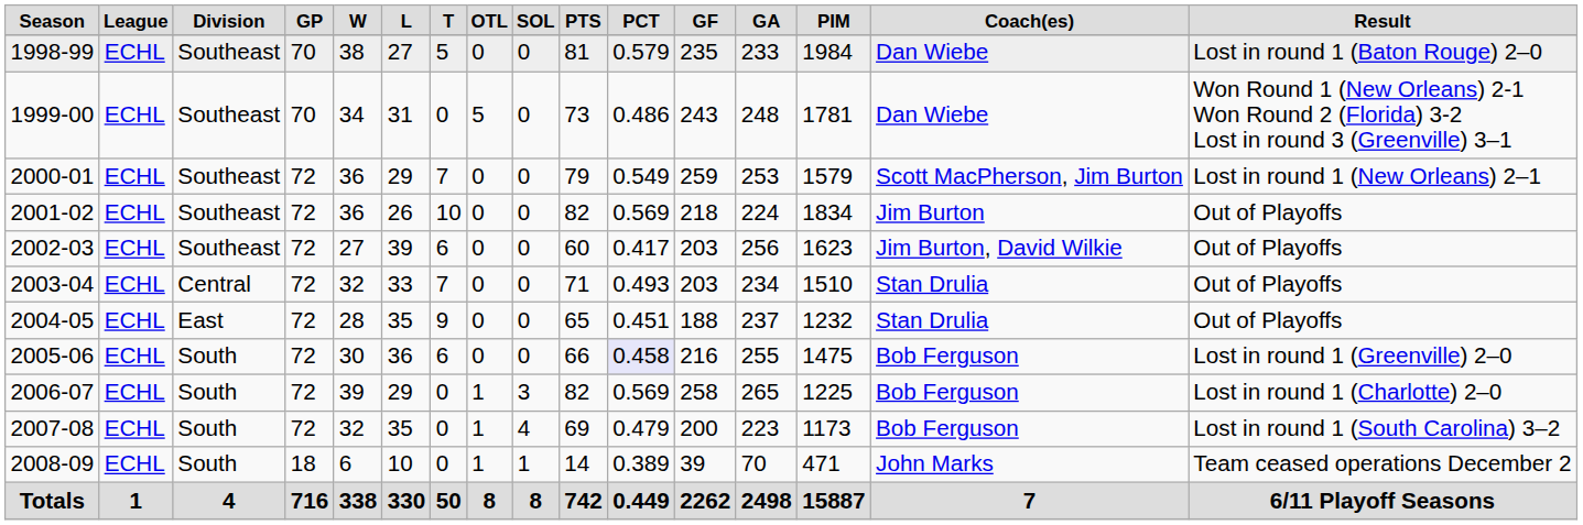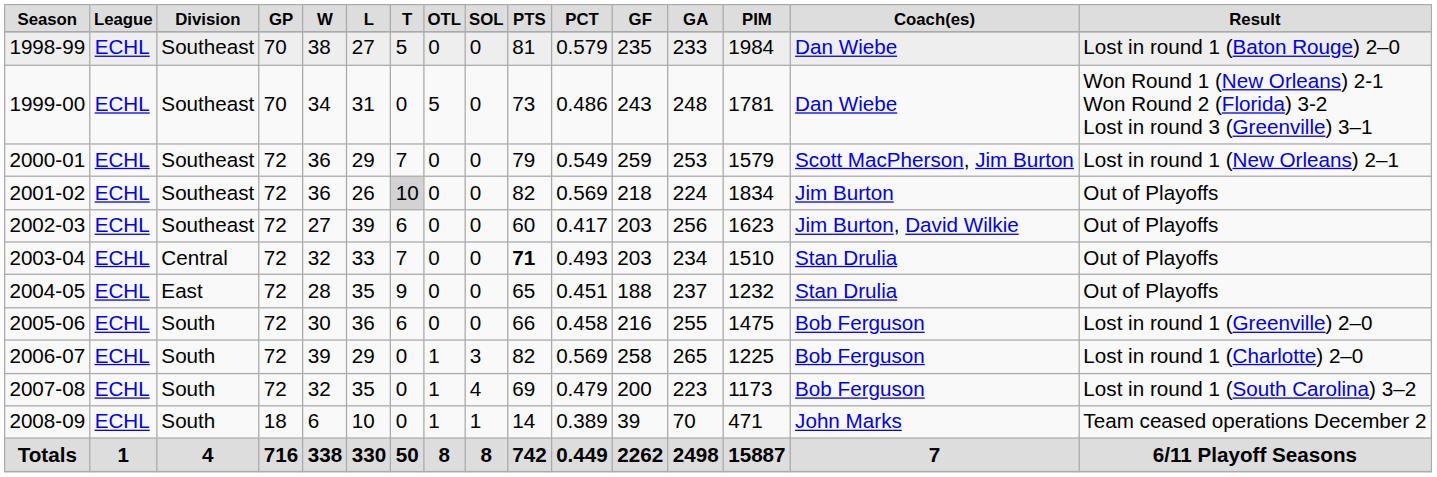 <table class="wikitable">
 <tr align="center" style="font-size: small; font-weight:bold; background-color:#dddddd; padding:5px;" |>
 <td>Season</td>
 <td>League</td>
 <td>Division</td>
 <td>GP</td>
 <td>W</td>
 <td>L</td>
 <td>T</td>
 <td>OTL</td>
 <td>SOL</td>
 <td>PTS</td>
 <td>PCT</td>
 <td>GF</td>
 <td>GA</td>
 <td>PIM</td>
 <td>Coach(es)</td>
 <td>Result</td>
 </tr>
 <tr>
 </tr>
 <tr bgcolor="#eeeeee">
 <td>1998-99</td>
 <td><a href='#'>ECHL</a></td>
 <td>Southeast</td>
 <td>70</td>
 <td>38</td>
 <td>27</td>
 <td>5</td>
 <td>0</td>
 <td>0</td>
 <td>81</td>
 <td>0.579</td>
 <td>235</td>
 <td>233</td>
 <td>1984</td>
 <td><a href='#'>Dan Wiebe</a></td>
 <td>Lost in round 1 (<a href='#'>Baton Rouge</a>) 2–0</td>
 </tr>
 <tr>
 <td>1999-00</td>
 <td><a href='#'>ECHL</a></td>
 <td>Southeast</td>
 <td>70</td>
 <td>34</td>
 <td>31</td>
 <td>0</td>
 <td>5</td>
 <td>0</td>
 <td>73</td>
 <td>0.486</td>
 <td>243</td>
 <td>248</td>
 <td>1781</td>
 <td><a href='#'>Dan Wiebe</a></td>
 <td>Won Round 1 (<a href='#'>New Orleans</a>) 2-1<br> Won Round 2 (<a href='#'>Florida</a>) 3-2<br> Lost in round 3 (<a href='#'>Greenville</a>) 3–1</td>
 </tr>
 <tr>
 <td>2000-01</td>
 <td><a href='#'>ECHL</a></td>
 <td>Southeast</td>
 <td>72</td>
 <td>36</td>
 <td>29</td>
 <td>7</td>
 <td>0</td>
 <td>0</td>
 <td>79</td>
 <td>0.549</td>
 <td>259</td>
 <td>253</td>
 <td>1579</td>
 <td><a href='#'>Scott MacPherson</a>, <a href='#'>Jim Burton</a></td>
 <td>Lost in round 1 (<a href='#'>New Orleans</a>) 2–1</td>
 </tr>
 <tr>
 <td>2001-02</td>
 <td><a href='#'>ECHL</a></td>
 <td>Southeast</td>
 <td>72</td>
 <td>36</td>
 <td>26</td>
-<td>10</td>
+<td style="background: lightgrey;">10</td>
 <td>0</td>
 <td>0</td>
 <td>82</td>
 <td>0.569</td>
 <td>218</td>
 <td>224</td>
 <td>1834</td>
 <td><a href='#'>Jim Burton</a></td>
 <td>Out of Playoffs</td>
 </tr>
 <tr>
 <td>2002-03</td>
 <td><a href='#'>ECHL</a></td>
 <td>Southeast</td>
 <td>72</td>
 <td>27</td>
 <td>39</td>
 <td>6</td>
 <td>0</td>
 <td>0</td>
 <td>60</td>
 <td>0.417</td>
 <td>203</td>
 <td>256</td>
 <td>1623</td>
 <td><a href='#'>Jim Burton</a>, <a href='#'>David Wilkie</a></td>
 <td>Out of Playoffs</td>
 </tr>
 <tr>
 <td>2003-04</td>
 <td><a href='#'>ECHL</a></td>
 <td>Central</td>
 <td>72</td>
 <td>32</td>
 <td>33</td>
 <td>7</td>
 <td>0</td>
 <td>0</td>
-<td>71</td>
+<td><strong>71</strong></td>
 <td>0.493</td>
 <td>203</td>
 <td>234</td>
 <td>1510</td>
 <td><a href='#'>Stan Drulia</a></td>
 <td>Out of Playoffs</td>
 </tr>
 <tr>
 <td>2004-05</td>
 <td><a href='#'>ECHL</a></td>
 <td>East</td>
 <td>72</td>
 <td>28</td>
 <td>35</td>
 <td>9</td>
 <td>0</td>
 <td>0</td>
 <td>65</td>
 <td>0.451</td>
 <td>188</td>
 <td>237</td>
 <td>1232</td>
 <td><a href='#'>Stan Drulia</a></td>
 <td>Out of Playoffs</td>
 </tr>
 <tr>
 <td>2005-06</td>
 <td><a href='#'>ECHL</a></td>
 <td>South</td>
 <td>72</td>
 <td>30</td>
 <td>36</td>
 <td>6</td>
 <td>0</td>
 <td>0</td>
 <td>66</td>
-<td style="background: lavender;">0.458</td>
+<td>0.458</td>
 <td>216</td>
 <td>255</td>
 <td>1475</td>
 <td><a href='#'>Bob Ferguson</a></td>
 <td>Lost in round 1 (<a href='#'>Greenville</a>) 2–0</td>
 </tr>
 <tr>
 <td>2006-07</td>
 <td><a href='#'>ECHL</a></td>
 <td>South</td>
 <td>72</td>
 <td>39</td>
 <td>29</td>
 <td>0</td>
 <td>1</td>
 <td>3</td>
 <td>82</td>
 <td>0.569</td>
 <td>258</td>
 <td>265</td>
 <td>1225</td>
 <td><a href='#'>Bob Ferguson</a></td>
 <td>Lost in round 1 (<a href='#'>Charlotte</a>) 2–0</td>
 </tr>
 <tr>
 <td>2007-08</td>
 <td><a href='#'>ECHL</a></td>
 <td>South</td>
 <td>72</td>
 <td>32</td>
 <td>35</td>
 <td>0</td>
 <td>1</td>
 <td>4</td>
 <td>69</td>
 <td>0.479</td>
 <td>200</td>
 <td>223</td>
 <td>1173</td>
 <td><a href='#'>Bob Ferguson</a></td>
 <td>Lost in round 1 (<a href='#'>South Carolina</a>) 3–2</td>
 </tr>
 <tr>
 <td>2008-09</td>
 <td><a href='#'>ECHL</a></td>
 <td>South</td>
 <td>18</td>
 <td>6</td>
 <td>10</td>
 <td>0</td>
 <td>1</td>
 <td>1</td>
 <td>14</td>
 <td>0.389</td>
 <td>39</td>
 <td>70</td>
 <td>471</td>
 <td><a href='#'>John Marks</a></td>
 <td>Team ceased operations December 2</td>
 </tr>
 <tr align="center" style="font-weight:bold; background-color:#dddddd;" |>
 <td>Totals</td>
 <td>1</td>
 <td>4</td>
 <td>716</td>
 <td>338</td>
 <td>330</td>
 <td>50</td>
 <td>8</td>
 <td>8</td>
 <td>742</td>
 <td>0.449</td>
 <td>2262</td>
 <td>2498</td>
 <td>15887</td>
 <td>7</td>
 <td>6/11 Playoff Seasons</td>
 </tr>
 <tr>
 </tr>
 </table>
